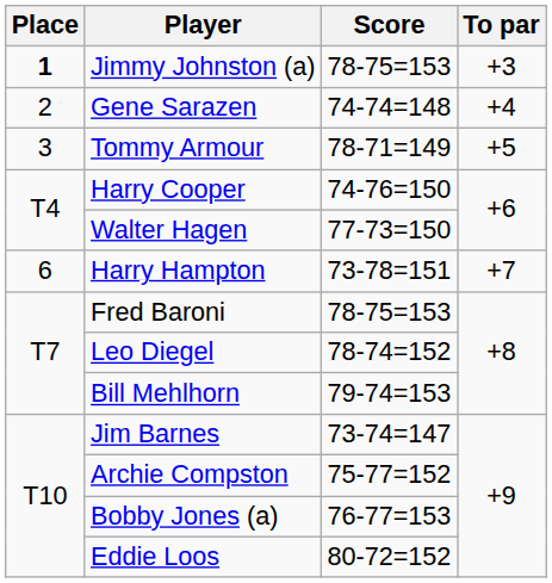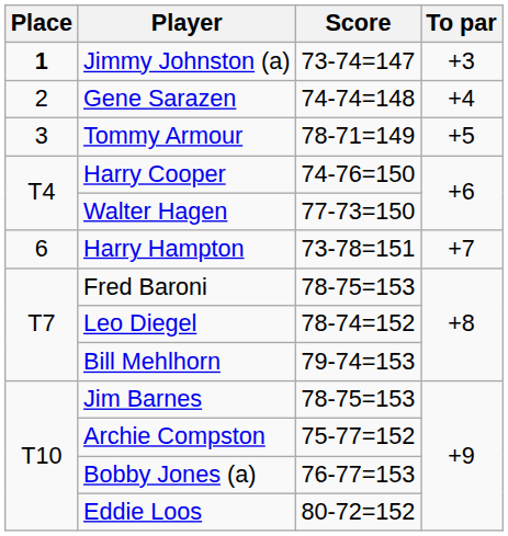 <table class=wikitable>
 <tr>
 <th>Place</th>
 <th>Player</th>
 <th>Score</th>
 <th>To par</th>
 </tr>
 <tr>
 <td align=center><strong>1</strong></td>
 <td> <a href='#'>Jimmy Johnston</a> (a)</td>
-<td>78-75=153</td>
+<td>73-74=147</td>
 <td align=center>+3</td>
 </tr>
 <tr>
 <td align=center>2</td>
 <td> <a href='#'>Gene Sarazen</a></td>
 <td>74-74=148</td>
 <td align=center>+4</td>
 </tr>
 <tr>
 <td align=center>3</td>
 <td> <a href='#'>Tommy Armour</a></td>
 <td>78-71=149</td>
 <td align=center>+5</td>
 </tr>
 <tr>
 <td rowspan=2 align=center>T4</td>
 <td> <a href='#'>Harry Cooper</a></td>
 <td>74-76=150</td>
 <td rowspan=2 align=center>+6</td>
 </tr>
 <tr>
 <td> <a href='#'>Walter Hagen</a></td>
 <td>77-73=150</td>
 </tr>
 <tr>
 <td align=center>6</td>
 <td> <a href='#'>Harry Hampton</a></td>
 <td>73-78=151</td>
 <td align=center>+7</td>
 </tr>
 <tr>
 <td rowspan=3 align=center>T7</td>
 <td> Fred Baroni</td>
 <td>78-75=153</td>
 <td rowspan=3 align=center>+8</td>
 </tr>
 <tr>
 <td> <a href='#'>Leo Diegel</a></td>
 <td>78-74=152</td>
 </tr>
 <tr>
 <td> <a href='#'>Bill Mehlhorn</a></td>
 <td>79-74=153</td>
 </tr>
 <tr>
 <td rowspan=4 align=center>T10</td>
 <td> <a href='#'>Jim Barnes</a></td>
-<td>73-74=147</td>
+<td>78-75=153</td>
 <td rowspan=4 align=center>+9</td>
 </tr>
 <tr>
 <td> <a href='#'>Archie Compston</a></td>
 <td>75-77=152</td>
 </tr>
 <tr>
 <td> <a href='#'>Bobby Jones</a> (a)</td>
 <td>76-77=153</td>
 </tr>
 <tr>
 <td> <a href='#'>Eddie Loos</a></td>
 <td>80-72=152</td>
 </tr>
 </table>
